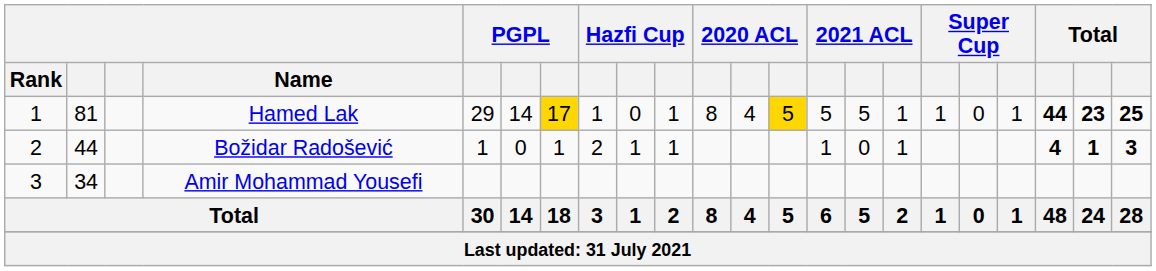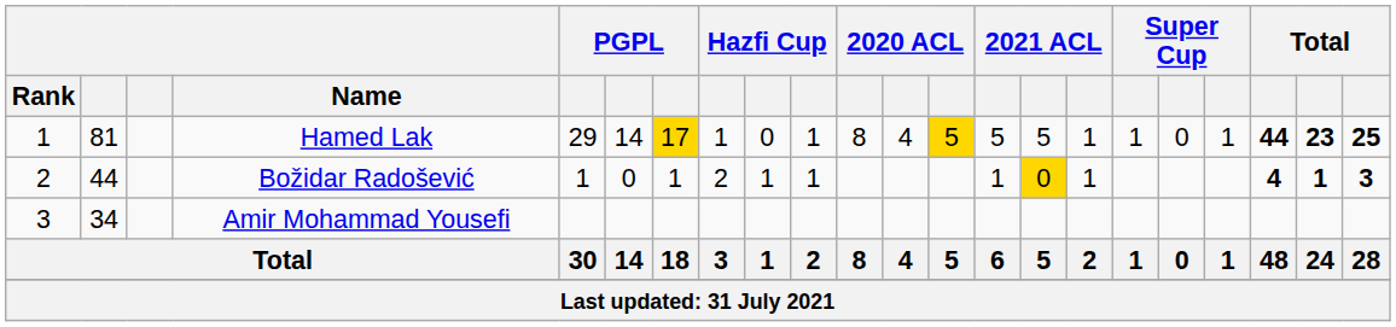 <table class="wikitable sortable" style="text-align:center; font-size:95%;">
 <tr>
 <th colspan="4"></th>
 <th colspan="3"><a href='#'>PGPL</a></th>
 <th colspan="3"><a href='#'>Hazfi Cup</a></th>
 <th colspan="3"><a href='#'>2020 ACL</a></th>
 <th colspan="3"><a href='#'>2021 ACL</a></th>
 <th colspan="3"><a href='#'>Super Cup</a></th>
 <th colspan="3">Total</th>
 </tr>
 <tr>
 <th width=20>Rank</th>
 <th width=20></th>
 <th width=20></th>
 <th width=220>Name</th>
 <th width=20></th>
 <th width=20></th>
 <th width=20></th>
 <th width=20></th>
 <th width=20></th>
 <th width=20></th>
 <th width=20></th>
 <th width=20></th>
 <th width=20></th>
 <th width=20></th>
 <th width=20></th>
 <th width=20></th>
 <th width=20></th>
 <th width=20></th>
 <th width=20></th>
 <th width=20></th>
 <th width=20></th>
 <th width=20></th>
 </tr>
 <tr>
 <td>1</td>
 <td>81</td>
 <td></td>
 <td><a href='#'>Hamed Lak</a></td>
 <td>29</td>
 <td>14</td>
 <td style="background:Gold">17</td>
 <td>1</td>
 <td>0</td>
 <td>1</td>
 <td>8</td>
 <td>4</td>
 <td style="background:Gold">5</td>
 <td>5</td>
 <td>5</td>
 <td>1</td>
 <td>1</td>
 <td>0</td>
 <td>1</td>
 <td><strong>44</strong></td>
 <td><strong>23</strong></td>
 <td><strong>25</strong></td>
 </tr>
 <tr>
 <td>2</td>
 <td>44</td>
 <td></td>
 <td><a href='#'>Božidar Radošević</a></td>
 <td>1</td>
 <td>0</td>
 <td>1</td>
 <td>2</td>
 <td>1</td>
 <td>1</td>
 <td></td>
 <td></td>
 <td></td>
 <td>1</td>
-<td>0</td>
+<td style="background: gold;">0</td>
 <td>1</td>
 <td></td>
 <td></td>
 <td></td>
 <td><strong>4</strong></td>
 <td><strong>1</strong></td>
 <td><strong>3</strong></td>
 </tr>
 <tr>
 <td>3</td>
 <td>34</td>
 <td></td>
 <td><a href='#'>Amir Mohammad Yousefi</a></td>
 <td></td>
 <td></td>
 <td></td>
 <td></td>
 <td></td>
 <td></td>
 <td></td>
 <td></td>
 <td></td>
 <td></td>
 <td></td>
 <td></td>
 <td></td>
 <td></td>
 <td></td>
 <td></td>
 <td></td>
 <td></td>
 </tr>
 <tr>
 <th colspan="4">Total</th>
 <th>30</th>
 <th>14</th>
 <th>18</th>
 <th>3</th>
 <th>1</th>
 <th>2</th>
 <th>8</th>
 <th>4</th>
 <th>5</th>
 <th>6</th>
 <th>5</th>
 <th>2</th>
 <th>1</th>
 <th>0</th>
 <th>1</th>
 <th>48</th>
 <th>24</th>
 <th>28</th>
 </tr>
 <tr>
 </tr>
 <tr align="left" style="background:#DCDCDC">
 <th colspan="22"><small>Last updated: 31 July 2021</small></th>
 </tr>
 </table>
